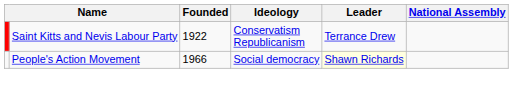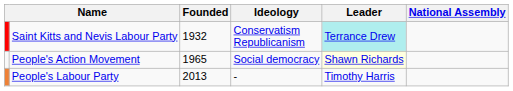 <table class="wikitable">
 <tr>
 <th colspan=2>Name</th>
 <th>Founded</th>
 <th>Ideology</th>
 <th>Leader</th>
 <th><a href='#'>National Assembly</a></th>
 </tr>
 <tr>
 <td style="background:red"></td>
 <td><a href='#'>Saint Kitts and Nevis Labour Party</a></td>
-<td>1922</td>
+<td>1932</td>
 <td><a href='#'>Conservatism</a><br><a href='#'>Republicanism</a></td>
-<td><a href='#'>Terrance Drew</a></td>
+<td style="background: paleturquoise;"><a href='#'>Terrance Drew</a></td>
 <td></td>
 </tr>
 <tr>
 <td style="background:"></td>
 <td><a href='#'>People's Action Movement</a></td>
-<td>1966</td>
+<td>1965</td>
 <td><a href='#'>Social democracy</a></td>
 <td style="background: lightyellow;"><a href='#'>Shawn Richards</a></td>
 <td></td>
 </tr>
+<tr>
+<td style="background:#EF8136;"></td>
+<td><a href='#'>People's Labour Party</a></td>
+<td>2013</td>
+<td>-</td>
+<td><a href='#'>Timothy Harris</a></td>
+<td></td>
+</tr>
 </table>
